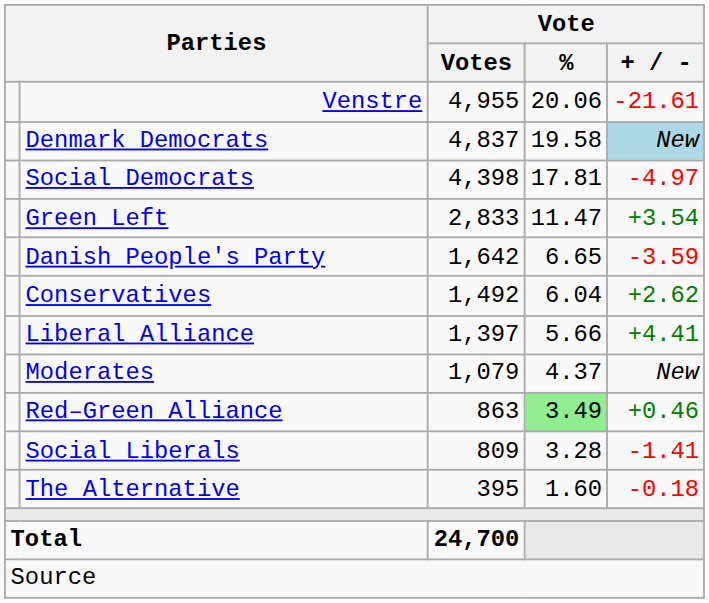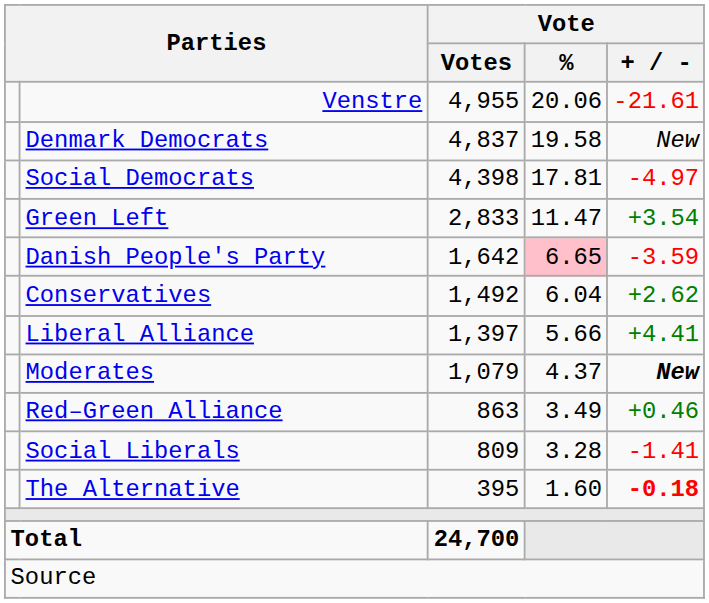 <table class="wikitable" style="text-align:right;">
 <tr>
 <th style="text-align:centre;" rowspan="2" colspan="2" width="225">Parties</th>
 <th colspan="3">Vote</th>
 </tr>
 <tr>
 <th width="15">Votes</th>
 <th width="15">%</th>
 <th width="15">+ / -</th>
 </tr>
 <tr>
 <td width=2 bgcolor=></td>
 <td><a href='#'>Venstre</a></td>
 <td>4,955</td>
 <td>20.06</td>
 <td style=color:red;>-21.61</td>
 </tr>
 <tr>
 <td width=2 bgcolor=></td>
 <td align=left><a href='#'>Denmark Democrats</a></td>
 <td>4,837</td>
 <td>19.58</td>
-<td style="background: lightblue;"><em>New</em></td>
+<td><em>New</em></td>
 </tr>
 <tr>
 <td width=2 bgcolor=></td>
 <td align=left><a href='#'>Social Democrats</a></td>
 <td>4,398</td>
 <td>17.81</td>
 <td style=color:red;>-4.97</td>
 </tr>
 <tr>
 <td width=2 bgcolor=></td>
 <td align=left><a href='#'>Green Left</a></td>
 <td>2,833</td>
 <td>11.47</td>
 <td style=color:green;>+3.54</td>
 </tr>
 <tr>
 <td width=2 bgcolor=></td>
 <td align=left><a href='#'>Danish People's Party</a></td>
 <td>1,642</td>
-<td>6.65</td>
+<td style="background: pink;">6.65</td>
 <td style=color:red;>-3.59</td>
 </tr>
 <tr>
 <td width=2 bgcolor=></td>
 <td align=left><a href='#'>Conservatives</a></td>
 <td>1,492</td>
 <td>6.04</td>
 <td style=color:green;>+2.62</td>
 </tr>
 <tr>
 <td width=2 bgcolor=></td>
 <td align=left><a href='#'>Liberal Alliance</a></td>
 <td>1,397</td>
 <td>5.66</td>
 <td style=color:green;>+4.41</td>
 </tr>
 <tr>
 <td width=2 bgcolor=></td>
 <td align=left><a href='#'>Moderates</a></td>
 <td>1,079</td>
 <td>4.37</td>
-<td><em>New</em></td>
+<td><strong><em>New</em></strong></td>
 </tr>
 <tr>
 <td width=2 bgcolor=></td>
 <td align=left><a href='#'>Red–Green Alliance</a></td>
 <td>863</td>
-<td style="background: lightgreen;">3.49</td>
+<td>3.49</td>
 <td style=color:green;>+0.46</td>
 </tr>
 <tr>
 <td width=2 bgcolor=></td>
 <td align=left><a href='#'>Social Liberals</a></td>
 <td>809</td>
 <td>3.28</td>
 <td style=color:red;>-1.41</td>
 </tr>
 <tr>
 <td width=2 bgcolor=></td>
 <td align=left><a href='#'>The Alternative</a></td>
 <td>395</td>
 <td>1.60</td>
-<td style=color:red;>-0.18</td>
+<td style=color:red;><strong>-0.18</strong></td>
 </tr>
 <tr>
 <td colspan="7" bgcolor="#E9E9E9"></td>
 </tr>
 <tr>
 <td align="left" colspan="2"><strong>Total</strong></td>
 <td><strong>24,700</strong></td>
 <td bgcolor=#E9E9E9 colspan=2></td>
 </tr>
 <tr>
 <td align="left" colspan="6">Source</td>
 </tr>
 </table>
